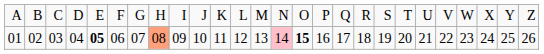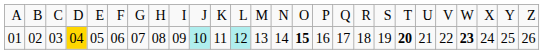 <table class="wikitable" style="text-align:right;">
 <tr>
 <td>A</td>
 <td>B</td>
 <td>C</td>
 <td>D</td>
 <td>E</td>
 <td>F</td>
 <td>G</td>
 <td>H</td>
 <td>I</td>
 <td>J</td>
 <td>K</td>
 <td>L</td>
 <td>M</td>
 <td>N</td>
 <td>O</td>
 <td>P</td>
 <td>Q</td>
 <td>R</td>
 <td>S</td>
 <td>T</td>
 <td>U</td>
 <td>V</td>
 <td>W</td>
 <td>X</td>
 <td>Y</td>
 <td>Z</td>
 </tr>
 <tr>
 <td>01</td>
 <td>02</td>
 <td>03</td>
-<td>04</td>
-<td><strong>05</strong></td>
+<td style="background: gold;">04</td>
+<td>05</td>
 <td>06</td>
 <td>07</td>
-<td style="background: lightsalmon;">08</td>
+<td>08</td>
 <td>09</td>
-<td>10</td>
+<td style="background: paleturquoise;">10</td>
 <td>11</td>
-<td>12</td>
+<td style="background: paleturquoise;">12</td>
 <td>13</td>
-<td style="background: pink;">14</td>
+<td>14</td>
 <td><strong>15</strong></td>
 <td>16</td>
 <td>17</td>
 <td>18</td>
 <td>19</td>
-<td>20</td>
+<td><strong>20</strong></td>
 <td>21</td>
 <td>22</td>
-<td>23</td>
+<td><strong>23</strong></td>
 <td>24</td>
 <td>25</td>
 <td>26</td>
 </tr>
 </table>
